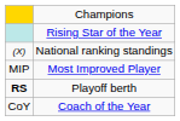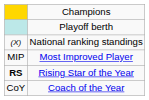 <table class="wikitable" style="text-align:center;">
 <tr>
 <td bgcolor=gold></td>
 <td>Champions</td>
 </tr>
 <tr>
 <td align="center" bgcolor="bce8e8"></td>
-<td><a href='#'>Rising Star of the Year</a></td>
+<td>Playoff berth</td>
 </tr>
 <tr>
 <td><small><em>(X)</em></small></td>
 <td>National ranking standings</td>
 </tr>
 <tr>
 <td>MIP</td>
 <td><a href='#'>Most Improved Player</a></td>
 </tr>
 <tr>
 <td><strong>RS</strong></td>
-<td>Playoff berth</td>
+<td><a href='#'>Rising Star of the Year</a></td>
 </tr>
 <tr>
 <td>CoY</td>
 <td><a href='#'>Coach of the Year</a></td>
 </tr>
 </table>
